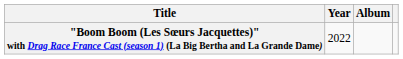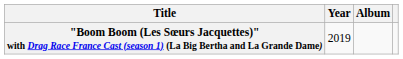 <table class="wikitable plainrowheaders" style="text-align:center;">
 <tr>
 <th scope="col" class="unsortable">Title</th>
 <th scope="col" class="unsortable">Year</th>
 <th scope="col" class="unsortable">Album</th>
 <th scope="col" class="unsortable"></th>
 </tr>
 <tr>
 <th scope="row">"Boom Boom (Les Sœurs Jacquettes)"<br><small>with <em><a href='#'>Drag Race France Cast (season 1)</a></em> (La Big Bertha and La Grande Dame<em>)</small></th>
-<td>2022</td>
+<td>2019</td>
 <td></td>
 <td></td>
 </tr>
 </table>
